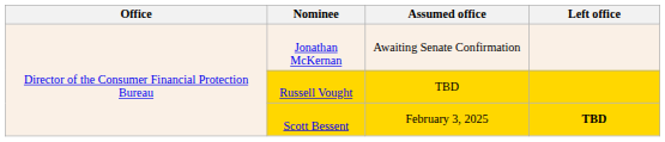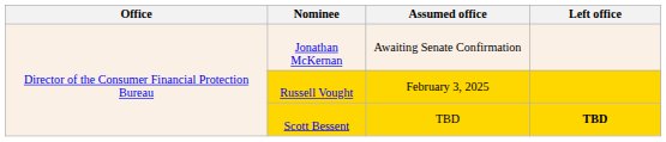 <table class="wikitable sortable" style="text-align:center">
 <tr>
 <th style="width:40%;">Office</th>
 <th style="width:15%;">Nominee</th>
 <th style="width:25%;" data-sort- type="date">Assumed office</th>
 <th style="width:20%;" data-sort- type="date">Left office</th>
 </tr>
 <tr style="background:linen">
 <td rowspan="3"><br><a href='#'>Director of the Consumer Financial Protection Bureau</a></td>
 <td><br><a href='#'>Jonathan McKernan</a></td>
 <td>Awaiting Senate Confirmation</td>
 <td></td>
 </tr>
 <tr style="background:gold">
 <td><br><a href='#'>Russell Vought</a></td>
-<td>TBD</td>
+<td>February 3, 2025</td>
 <td></td>
 </tr>
 <tr style="background:gold">
 <td><br><a href='#'>Scott Bessent</a></td>
-<td>February 3, 2025</td>
+<td>TBD</td>
 <td><strong>TBD</strong></td>
 </tr>
 </table>
